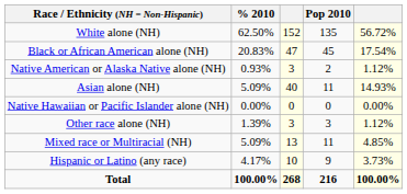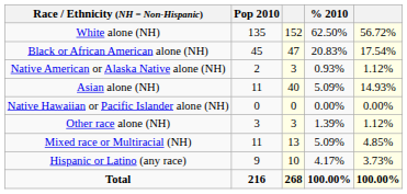 <table class="wikitable" style="text-align:center;">
 <tr>
 <th>Race / Ethnicity <small>(<em>NH = Non-Hispanic</em>)</small></th>
+<th>Pop 2010</th>
+<th></th>
 <th>% 2010</th>
-<th></th>
-<th>Pop 2010</th>
 <th></th>
 </tr>
 <tr>
 <td><a href='#'>White</a> alone (NH)</td>
+<td>135</td>
+<td style='background: #ffffe6;'>152</td>
 <td>62.50%</td>
-<td style='background: #ffffe6;'>152</td>
-<td>135</td>
 <td style='background: #ffffe6;'>56.72%</td>
 </tr>
 <tr>
 <td><a href='#'>Black or African American</a> alone (NH)</td>
+<td>45</td>
+<td style='background: #ffffe6;'>47</td>
 <td>20.83%</td>
-<td style='background: #ffffe6;'>47</td>
-<td>45</td>
 <td style='background: #ffffe6;'>17.54%</td>
 </tr>
 <tr>
 <td><a href='#'>Native American</a> or <a href='#'>Alaska Native</a> alone (NH)</td>
+<td>2</td>
+<td style='background: #ffffe6;'>3</td>
 <td>0.93%</td>
-<td style='background: #ffffe6;'>3</td>
-<td>2</td>
 <td style='background: #ffffe6;'>1.12%</td>
 </tr>
 <tr>
 <td><a href='#'>Asian</a> alone (NH)</td>
+<td>11</td>
+<td style='background: #ffffe6;'>40</td>
 <td>5.09%</td>
-<td style='background: #ffffe6;'>40</td>
-<td>11</td>
 <td style='background: #ffffe6;'>14.93%</td>
 </tr>
 <tr>
 <td><a href='#'>Native Hawaiian</a> or <a href='#'>Pacific Islander</a> alone (NH)</td>
+<td>0</td>
+<td style='background: #ffffe6;'>0</td>
 <td>0.00%</td>
-<td style='background: #ffffe6;'>0</td>
-<td>0</td>
 <td style='background: #ffffe6;'>0.00%</td>
 </tr>
 <tr>
 <td><a href='#'>Other race</a> alone (NH)</td>
+<td>3</td>
+<td style='background: #ffffe6;'>3</td>
 <td>1.39%</td>
-<td style='background: #ffffe6;'>3</td>
-<td>3</td>
 <td style='background: #ffffe6;'>1.12%</td>
 </tr>
 <tr>
 <td><a href='#'>Mixed race or Multiracial</a> (NH)</td>
+<td>11</td>
+<td style='background: #ffffe6;'>13</td>
 <td>5.09%</td>
-<td style='background: #ffffe6;'>13</td>
-<td>11</td>
 <td style='background: #ffffe6;'>4.85%</td>
 </tr>
 <tr>
 <td><a href='#'>Hispanic or Latino</a> (any race)</td>
+<td>9</td>
+<td style='background: #ffffe6;'>10</td>
 <td>4.17%</td>
-<td style='background: #ffffe6;'>10</td>
-<td>9</td>
 <td style='background: #ffffe6;'>3.73%</td>
 </tr>
 <tr>
 <td><strong>Total</strong></td>
+<td><strong>216</strong></td>
+<td style='background: #ffffe6;'><strong>268</strong></td>
 <td><strong>100.00%</strong></td>
-<td style='background: #ffffe6;'><strong>268</strong></td>
-<td><strong>216</strong></td>
 <td style='background: #ffffe6;'><strong>100.00%</strong></td>
 </tr>
 </table>
